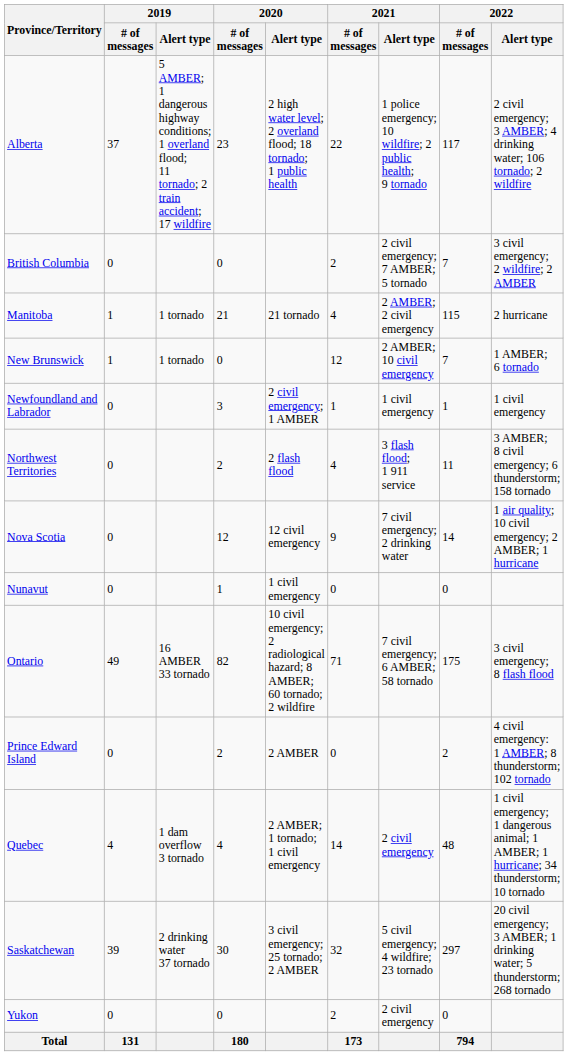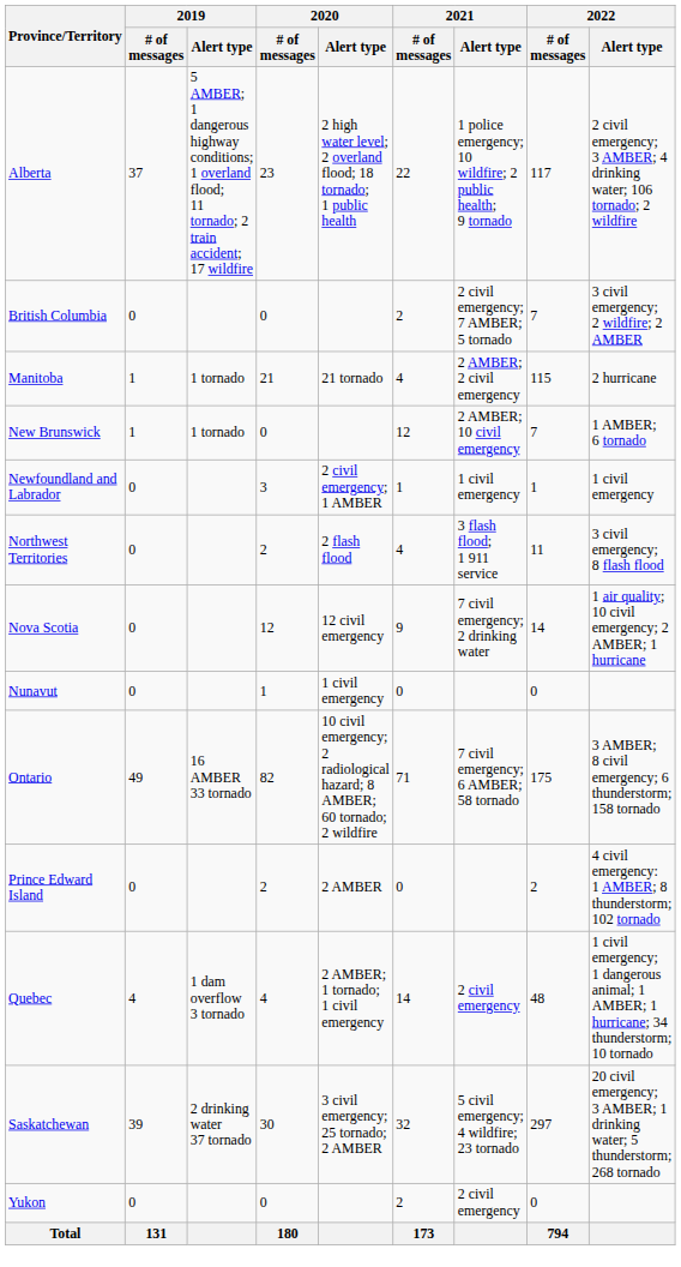 <table class="wikitable">
 <tr>
 <th rowspan="2">Province/Territory</th>
 <th colspan="2">2019</th>
 <th colspan="2">2020</th>
 <th colspan="2">2021</th>
 <th colspan="2">2022</th>
 </tr>
 <tr>
 <th># of messages</th>
 <th>Alert type</th>
 <th># of messages</th>
 <th>Alert type</th>
 <th># of messages</th>
 <th>Alert type</th>
 <th># of messages</th>
 <th>Alert type</th>
 </tr>
 <tr>
 <td><a href='#'>Alberta</a></td>
 <td>37</td>
 <td>5 <a href='#'>AMBER</a>;<br>1 dangerous highway conditions; 1 <a href='#'>overland</a> flood;<br>11 <a href='#'>tornado</a>; 2 <a href='#'>train accident</a>;<br>17 <a href='#'>wildfire</a></td>
 <td>23</td>
 <td>2 high <a href='#'>water level</a>;<br>2 <a href='#'>overland</a> flood; 18 <a href='#'>tornado</a>;<br>1 <a href='#'>public health</a></td>
 <td>22</td>
 <td>1 police emergency;<br>10 <a href='#'>wildfire</a>; 2 <a href='#'>public health</a>;<br>9 <a href='#'>tornado</a></td>
 <td>117</td>
 <td>2 civil emergency;<br>3 <a href='#'>AMBER</a>; 4 drinking water; 106 <a href='#'>tornado</a>; 2 <a href='#'>wildfire</a></td>
 </tr>
 <tr>
 <td><a href='#'>British Columbia</a></td>
 <td>0</td>
 <td></td>
 <td>0</td>
 <td></td>
 <td>2</td>
 <td>2 civil emergency;<br>7 AMBER;<br>5 tornado</td>
 <td>7</td>
 <td>3 civil emergency;<br>2 <a href='#'>wildfire</a>; 2 <a href='#'>AMBER</a></td>
 </tr>
 <tr>
 <td><a href='#'>Manitoba</a></td>
 <td>1</td>
 <td>1 tornado</td>
 <td>21</td>
 <td>21 tornado</td>
 <td>4</td>
 <td>2 <a href='#'>AMBER</a>;<br>2 civil emergency</td>
 <td>115</td>
 <td>2 hurricane</td>
 </tr>
 <tr>
 <td><a href='#'>New Brunswick</a></td>
 <td>1</td>
 <td>1 tornado</td>
 <td>0</td>
 <td></td>
 <td>12</td>
 <td>2 AMBER;<br>10 <a href='#'>civil emergency</a></td>
 <td>7</td>
 <td>1 AMBER;<br>6 <a href='#'>tornado</a></td>
 </tr>
 <tr>
 <td><a href='#'>Newfoundland and Labrador</a></td>
 <td>0</td>
 <td></td>
 <td>3</td>
 <td>2 <a href='#'>civil emergency</a>;<br>1 AMBER</td>
 <td>1</td>
 <td>1 civil emergency</td>
 <td>1</td>
 <td>1 civil emergency</td>
 </tr>
 <tr>
 <td><a href='#'>Northwest Territories</a></td>
 <td>0</td>
 <td></td>
 <td>2</td>
 <td>2 <a href='#'>flash flood</a></td>
 <td>4</td>
 <td>3 <a href='#'>flash flood</a>;<br>1 911 service</td>
 <td>11</td>
-<td>3 AMBER;<br>8 civil emergency; 6 thunderstorm; 158 tornado</td>
+<td>3 civil emergency;<br>8 <a href='#'>flash flood</a></td>
 </tr>
 <tr>
 <td><a href='#'>Nova Scotia</a></td>
 <td>0</td>
 <td></td>
 <td>12</td>
 <td>12 civil emergency</td>
 <td>9</td>
 <td>7 civil emergency;<br>2 drinking water</td>
 <td>14</td>
 <td>1 <a href='#'>air quality</a>;<br>10 civil emergency; 2 AMBER; 1 <a href='#'>hurricane</a></td>
 </tr>
 <tr>
 <td><a href='#'>Nunavut</a></td>
 <td>0</td>
 <td></td>
 <td>1</td>
 <td>1 civil emergency</td>
 <td>0</td>
 <td></td>
 <td>0</td>
 <td></td>
 </tr>
 <tr>
 <td><a href='#'>Ontario</a></td>
 <td>49</td>
 <td>16 AMBER<br>33 tornado</td>
 <td>82</td>
 <td>10 civil emergency;<br>2 radiological hazard; 8 AMBER; 60 tornado; 2 wildfire</td>
 <td>71</td>
 <td>7 civil emergency;<br>6 AMBER;<br>58 tornado</td>
 <td>175</td>
-<td>3 civil emergency;<br>8 <a href='#'>flash flood</a></td>
+<td>3 AMBER;<br>8 civil emergency; 6 thunderstorm; 158 tornado</td>
 </tr>
 <tr>
 <td><a href='#'>Prince Edward Island</a></td>
 <td>0</td>
 <td></td>
 <td>2</td>
 <td>2 AMBER</td>
 <td>0</td>
 <td></td>
 <td>2</td>
 <td>4 civil emergency:<br>1 <a href='#'>AMBER</a>; 8 thunderstorm; 102 <a href='#'>tornado</a></td>
 </tr>
 <tr>
 <td><a href='#'>Quebec</a></td>
 <td>4</td>
 <td>1 dam overflow<br>3 tornado</td>
 <td>4</td>
 <td>2 AMBER;<br>1 tornado; 1 civil emergency</td>
 <td>14</td>
 <td>2 <a href='#'>civil emergency</a></td>
 <td>48</td>
 <td>1 civil emergency;<br>1 dangerous animal; 1 AMBER; 1 <a href='#'>hurricane</a>; 34 thunderstorm; 10 tornado</td>
 </tr>
 <tr>
 <td><a href='#'>Saskatchewan</a></td>
 <td>39</td>
 <td>2 drinking water<br>37 tornado</td>
 <td>30</td>
 <td>3 civil emergency;<br>25 tornado; 2 AMBER</td>
 <td>32</td>
 <td>5 civil emergency;<br>4 wildfire;<br>23 tornado</td>
 <td>297</td>
 <td>20 civil emergency;<br>3 AMBER; 1 drinking water; 5 thunderstorm; 268 tornado</td>
 </tr>
 <tr>
 <td><a href='#'>Yukon</a></td>
 <td>0</td>
 <td></td>
 <td>0</td>
 <td></td>
 <td>2</td>
 <td>2 civil emergency</td>
 <td>0</td>
 <td></td>
 </tr>
 <tr>
 <th>Total</th>
 <th>131</th>
 <th></th>
 <th>180</th>
 <th></th>
 <th>173</th>
 <th></th>
 <th>794</th>
 <th></th>
 </tr>
 </table>
